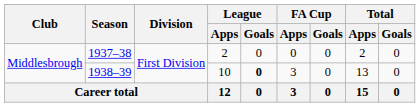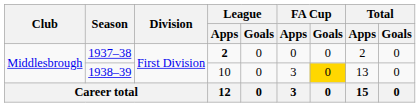 <table class="wikitable" style="text-align:center;">
 <tr>
 <th rowspan="2">Club</th>
 <th rowspan="2">Season</th>
 <th rowspan="2">Division</th>
 <th colspan="2">League</th>
 <th colspan="2">FA Cup</th>
 <th colspan="2">Total</th>
 </tr>
 <tr>
 <th>Apps</th>
 <th>Goals</th>
 <th>Apps</th>
 <th>Goals</th>
 <th>Apps</th>
 <th>Goals</th>
 </tr>
 <tr>
 <td rowspan="2"><a href='#'>Middlesbrough</a></td>
 <td><a href='#'>1937–38</a></td>
 <td rowspan="2"><a href='#'>First Division</a></td>
-<td>2</td>
+<td><strong>2</strong></td>
 <td>0</td>
 <td>0</td>
 <td>0</td>
 <td>2</td>
 <td>0</td>
 </tr>
 <tr>
 <td><a href='#'>1938–39</a></td>
 <td>10</td>
-<td><strong>0</strong></td>
+<td>0</td>
 <td>3</td>
-<td>0</td>
+<td style="background: gold;">0</td>
 <td>13</td>
 <td>0</td>
 </tr>
 <tr>
 <th colspan="3">Career total</th>
 <th>12</th>
 <th>0</th>
 <th>3</th>
 <th>0</th>
 <th>15</th>
 <th>0</th>
 </tr>
 </table>
